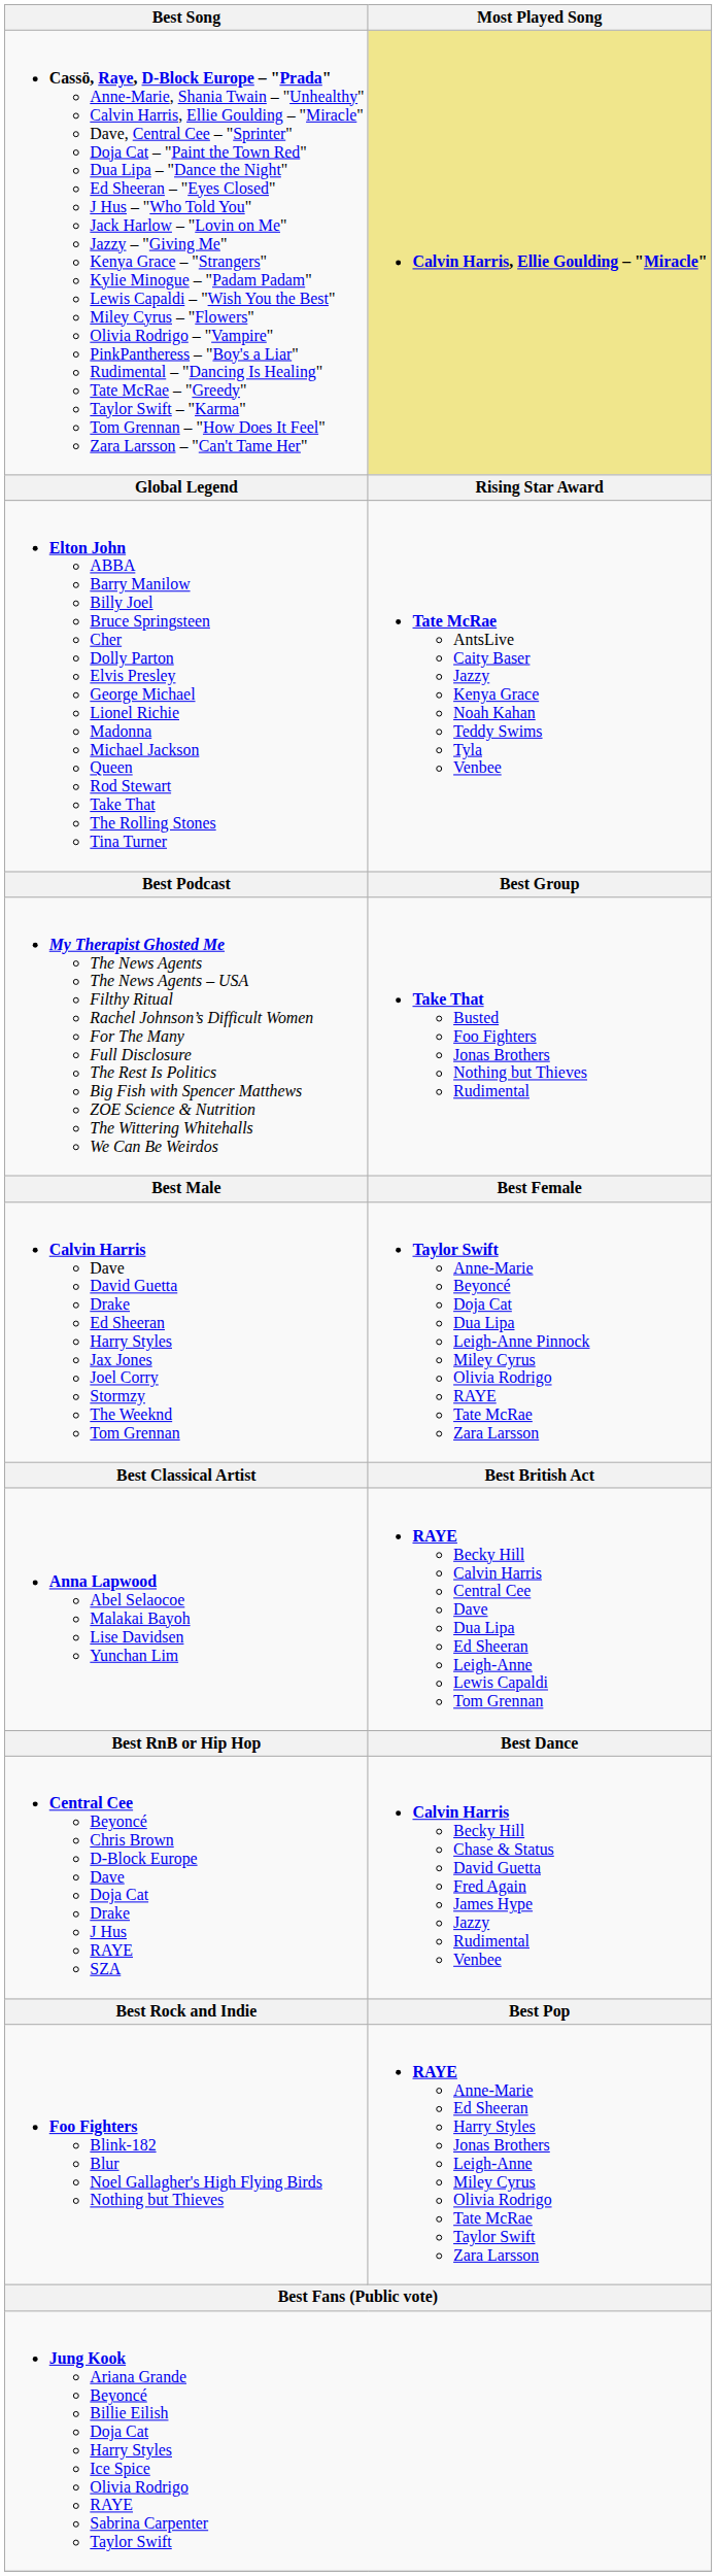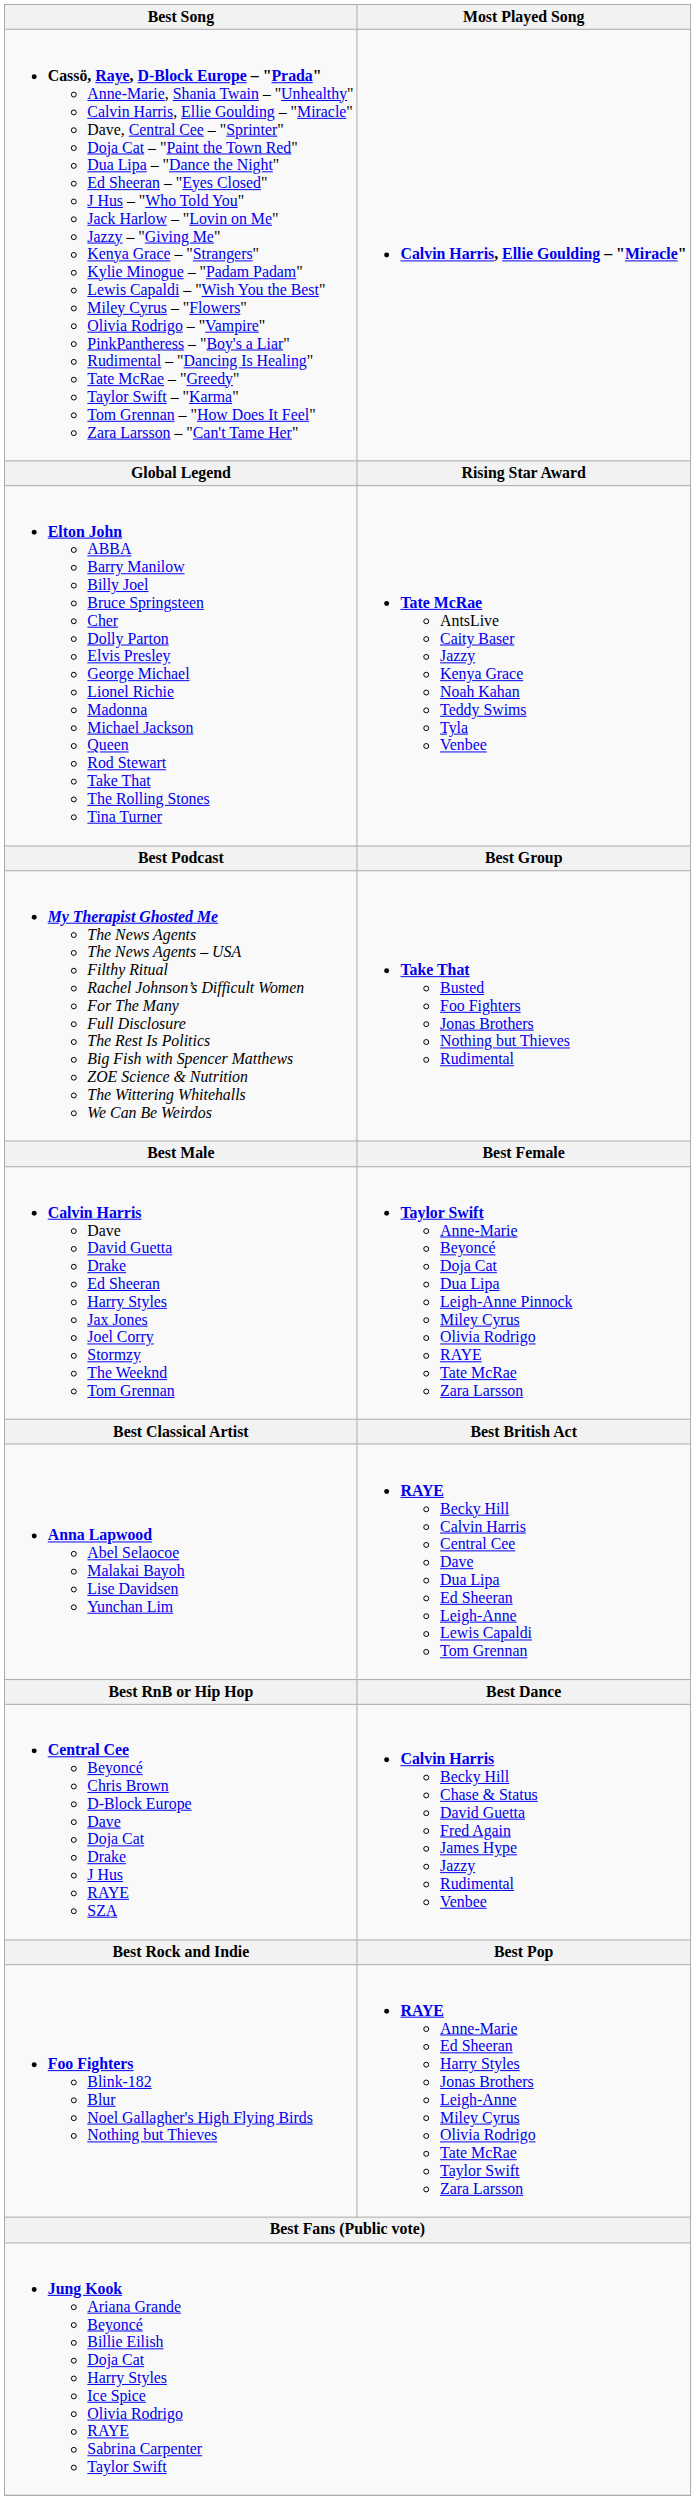 <table class="wikitable">
 <tr>
 <th>Best Song</th>
 <th>Most Played Song</th>
 </tr>
 <tr>
 <td><br><ul><li><strong>Cassö, <a href='#'>Raye</a>, <a href='#'>D-Block Europe</a> – "<a href='#'>Prada</a>"</strong><ul><li><a href='#'>Anne-Marie</a>, <a href='#'>Shania Twain</a> – "<a href='#'>Unhealthy</a>"</li><li><a href='#'>Calvin Harris</a>, <a href='#'>Ellie Goulding</a> – "<a href='#'>Miracle</a>"</li><li>Dave, <a href='#'>Central Cee</a> – "<a href='#'>Sprinter</a>"</li><li><a href='#'>Doja Cat</a> – "<a href='#'>Paint the Town Red</a>"</li><li><a href='#'>Dua Lipa</a> – "<a href='#'>Dance the Night</a>"</li><li><a href='#'>Ed Sheeran</a> – "<a href='#'>Eyes Closed</a>"</li><li><a href='#'>J Hus</a> – "<a href='#'>Who Told You</a>"</li><li><a href='#'>Jack Harlow</a> – "<a href='#'>Lovin on Me</a>"</li><li><a href='#'>Jazzy</a> – "<a href='#'>Giving Me</a>"</li><li><a href='#'>Kenya Grace</a> – "<a href='#'>Strangers</a>"</li><li><a href='#'>Kylie Minogue</a> – "<a href='#'>Padam Padam</a>"</li><li><a href='#'>Lewis Capaldi</a> – "<a href='#'>Wish You the Best</a>"</li><li><a href='#'>Miley Cyrus</a> – "<a href='#'>Flowers</a>"</li><li><a href='#'>Olivia Rodrigo</a> – "<a href='#'>Vampire</a>"</li><li><a href='#'>PinkPantheress</a> – "<a href='#'>Boy's a Liar</a>"</li><li><a href='#'>Rudimental</a> – "<a href='#'>Dancing Is Healing</a>"</li><li><a href='#'>Tate McRae</a> – "<a href='#'>Greedy</a>"</li><li><a href='#'>Taylor Swift</a> – "<a href='#'>Karma</a>"</li><li><a href='#'>Tom Grennan</a> – "<a href='#'>How Does It Feel</a>"</li><li><a href='#'>Zara Larsson</a> – "<a href='#'>Can't Tame Her</a>"</li></ul></li></ul></td>
-<td style="background: khaki;"><br><ul><li><strong><a href='#'>Calvin Harris</a>, <a href='#'>Ellie Goulding</a> – "<a href='#'>Miracle</a>"</strong></li></ul></td>
+<td><br><ul><li><strong><a href='#'>Calvin Harris</a>, <a href='#'>Ellie Goulding</a> – "<a href='#'>Miracle</a>"</strong></li></ul></td>
 </tr>
 <tr>
 <th>Global Legend</th>
 <th>Rising Star Award</th>
 </tr>
 <tr>
 <td><br><ul><li><strong><a href='#'>Elton John</a></strong><ul><li><a href='#'>ABBA</a></li><li><a href='#'>Barry Manilow</a></li><li><a href='#'>Billy Joel</a></li><li><a href='#'>Bruce Springsteen</a></li><li><a href='#'>Cher</a></li><li><a href='#'>Dolly Parton</a></li><li><a href='#'>Elvis Presley</a></li><li><a href='#'>George Michael</a></li><li><a href='#'>Lionel Richie</a></li><li><a href='#'>Madonna</a></li><li><a href='#'>Michael Jackson</a></li><li><a href='#'>Queen</a></li><li><a href='#'>Rod Stewart</a></li><li><a href='#'>Take That</a></li><li><a href='#'>The Rolling Stones</a></li><li><a href='#'>Tina Turner</a></li></ul></li></ul></td>
 <td><br><ul><li><strong><a href='#'>Tate McRae</a></strong><ul><li>AntsLive</li><li><a href='#'>Caity Baser</a></li><li><a href='#'>Jazzy</a></li><li><a href='#'>Kenya Grace</a></li><li><a href='#'>Noah Kahan</a></li><li><a href='#'>Teddy Swims</a></li><li><a href='#'>Tyla</a></li><li><a href='#'>Venbee</a></li></ul></li></ul></td>
 </tr>
 <tr>
 <th>Best Podcast</th>
 <th>Best Group</th>
 </tr>
 <tr>
 <td><br><ul><li><strong><em><a href='#'>My Therapist Ghosted Me</a></em></strong><ul><li><em>The News Agents</em></li><li><em>The News Agents – USA</em></li><li><em>Filthy Ritual</em></li><li><em>Rachel Johnson’s Difficult Women</em></li><li><em>For The Many</em></li><li><em>Full Disclosure</em></li><li><em>The Rest Is Politics</em></li><li><em>Big Fish with Spencer Matthews</em></li><li><em>ZOE Science & Nutrition</em></li><li><em>The Wittering Whitehalls</em></li><li><em>We Can Be Weirdos</em></li></ul></li></ul></td>
 <td><br><ul><li><strong><a href='#'>Take That</a></strong><ul><li><a href='#'>Busted</a></li><li><a href='#'>Foo Fighters</a></li><li><a href='#'>Jonas Brothers</a></li><li><a href='#'>Nothing but Thieves</a></li><li><a href='#'>Rudimental</a></li></ul></li></ul></td>
 </tr>
 <tr>
 <th>Best Male</th>
 <th>Best Female</th>
 </tr>
 <tr>
 <td><br><ul><li><strong><a href='#'>Calvin Harris</a></strong><ul><li>Dave</li><li><a href='#'>David Guetta</a></li><li><a href='#'>Drake</a></li><li><a href='#'>Ed Sheeran</a></li><li><a href='#'>Harry Styles</a></li><li><a href='#'>Jax Jones</a></li><li><a href='#'>Joel Corry</a></li><li><a href='#'>Stormzy</a></li><li><a href='#'>The Weeknd</a></li><li><a href='#'>Tom Grennan</a></li></ul></li></ul></td>
 <td><br><ul><li><strong><a href='#'>Taylor Swift</a></strong><ul><li><a href='#'>Anne-Marie</a></li><li><a href='#'>Beyoncé</a></li><li><a href='#'>Doja Cat</a></li><li><a href='#'>Dua Lipa</a></li><li><a href='#'>Leigh-Anne Pinnock</a></li><li><a href='#'>Miley Cyrus</a></li><li><a href='#'>Olivia Rodrigo</a></li><li><a href='#'>RAYE</a></li><li><a href='#'>Tate McRae</a></li><li><a href='#'>Zara Larsson</a></li></ul></li></ul></td>
 </tr>
 <tr>
 <th>Best Classical Artist</th>
 <th>Best British Act</th>
 </tr>
 <tr>
 <td><br><ul><li><strong><a href='#'>Anna Lapwood</a></strong><ul><li><a href='#'>Abel Selaocoe</a></li><li><a href='#'>Malakai Bayoh</a></li><li><a href='#'>Lise Davidsen</a></li><li><a href='#'>Yunchan Lim</a></li></ul></li></ul></td>
 <td><br><ul><li><a href='#'><strong>RAYE</strong></a><ul><li><a href='#'>Becky Hill</a></li><li><a href='#'>Calvin Harris</a></li><li><a href='#'>Central Cee</a></li><li><a href='#'>Dave</a></li><li><a href='#'>Dua Lipa</a></li><li><a href='#'>Ed Sheeran</a></li><li><a href='#'>Leigh-Anne</a></li><li><a href='#'>Lewis Capaldi</a></li><li><a href='#'>Tom Grennan</a></li></ul></li></ul></td>
 </tr>
 <tr>
 <th>Best RnB or Hip Hop</th>
 <th>Best Dance</th>
 </tr>
 <tr>
 <td><br><ul><li><strong><a href='#'>Central Cee</a></strong><ul><li><a href='#'>Beyoncé</a></li><li><a href='#'>Chris Brown</a></li><li><a href='#'>D-Block Europe</a></li><li><a href='#'>Dave</a></li><li><a href='#'>Doja Cat</a></li><li><a href='#'>Drake</a></li><li><a href='#'>J Hus</a></li><li><a href='#'>RAYE</a></li><li><a href='#'>SZA</a></li></ul></li></ul></td>
 <td><br><ul><li><strong><a href='#'>Calvin Harris</a></strong><ul><li><a href='#'>Becky Hill</a></li><li><a href='#'>Chase & Status</a></li><li><a href='#'>David Guetta</a></li><li><a href='#'>Fred Again</a></li><li><a href='#'>James Hype</a></li><li><a href='#'>Jazzy</a></li><li><a href='#'>Rudimental</a></li><li><a href='#'>Venbee</a></li></ul></li></ul></td>
 </tr>
 <tr>
 <th>Best Rock and Indie</th>
 <th>Best Pop</th>
 </tr>
 <tr>
 <td><br><ul><li><strong><a href='#'>Foo Fighters</a></strong><ul><li><a href='#'>Blink-182</a></li><li><a href='#'>Blur</a></li><li><a href='#'>Noel Gallagher's High Flying Birds</a></li><li><a href='#'>Nothing but Thieves</a></li></ul></li></ul></td>
 <td><br><ul><li><a href='#'><strong>RAYE</strong></a><ul><li><a href='#'>Anne-Marie</a></li><li><a href='#'>Ed Sheeran</a></li><li><a href='#'>Harry Styles</a></li><li><a href='#'>Jonas Brothers</a></li><li><a href='#'>Leigh-Anne</a></li><li><a href='#'>Miley Cyrus</a></li><li><a href='#'>Olivia Rodrigo</a></li><li><a href='#'>Tate McRae</a></li><li><a href='#'>Taylor Swift</a></li><li><a href='#'>Zara Larsson</a></li></ul></li></ul></td>
 </tr>
 <tr>
 <th colspan="2">Best Fans (Public vote)</th>
 </tr>
 <tr>
 <td colspan="2"><br><ul><li><strong><a href='#'>Jung Kook</a></strong><ul><li><a href='#'>Ariana Grande</a></li><li><a href='#'>Beyoncé</a></li><li><a href='#'>Billie Eilish</a></li><li><a href='#'>Doja Cat</a></li><li><a href='#'>Harry Styles</a></li><li><a href='#'>Ice Spice</a></li><li><a href='#'>Olivia Rodrigo</a></li><li><a href='#'>RAYE</a></li><li><a href='#'>Sabrina Carpenter</a></li><li><a href='#'>Taylor Swift</a></li></ul></li></ul></td>
 </tr>
 <tr>
 </tr>
 </table>
